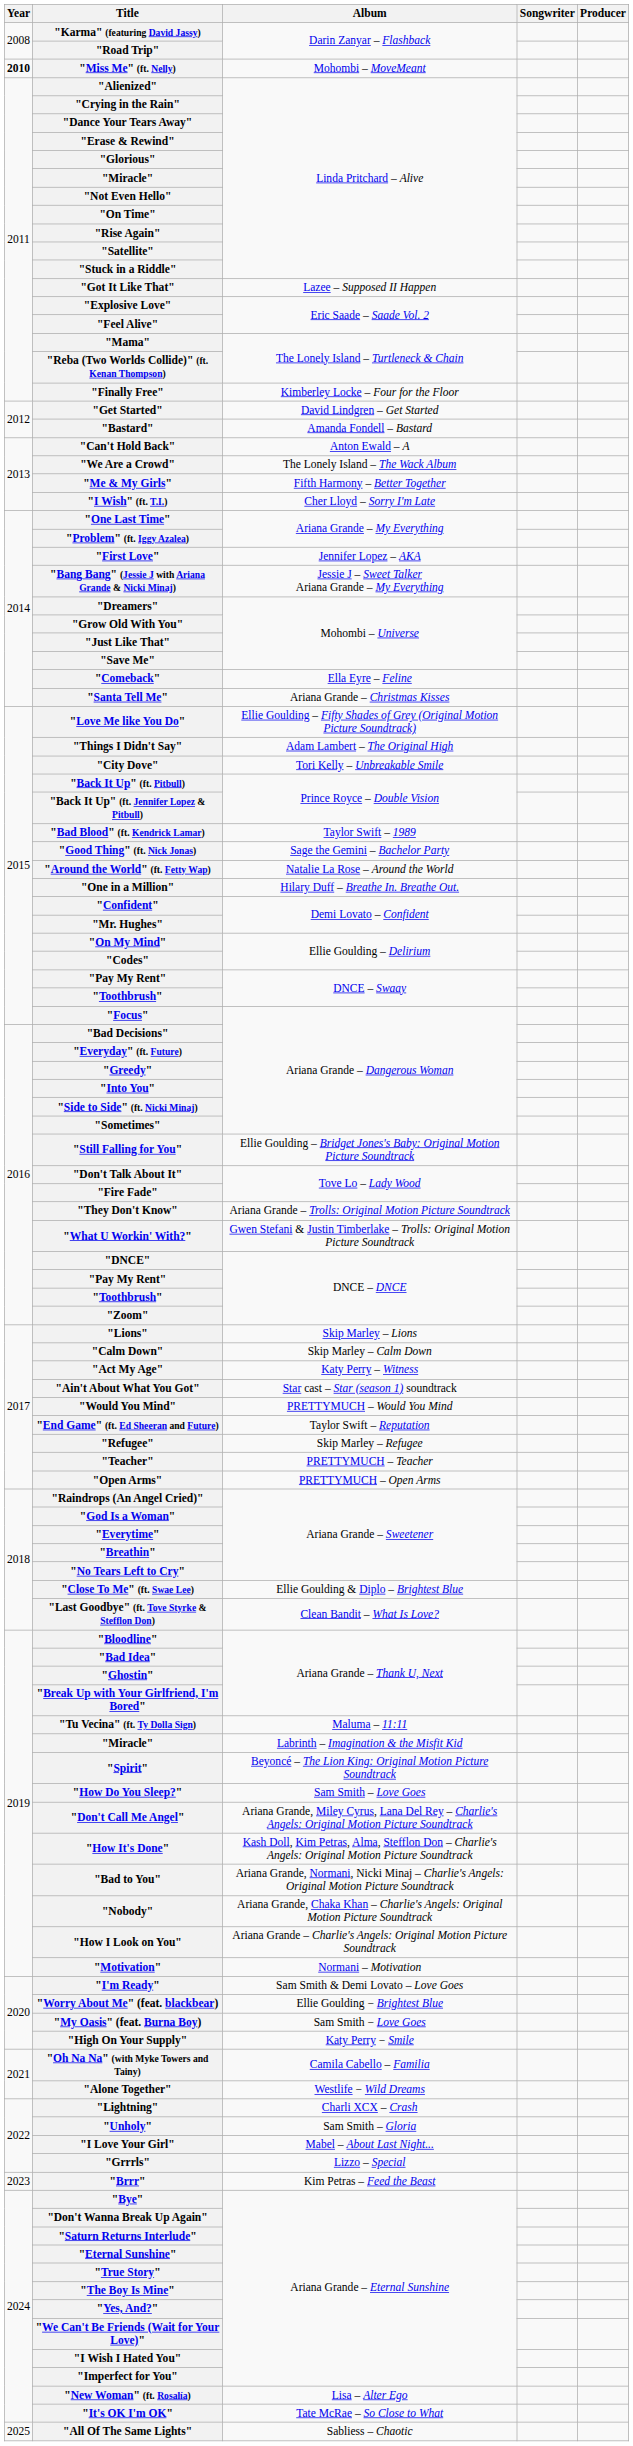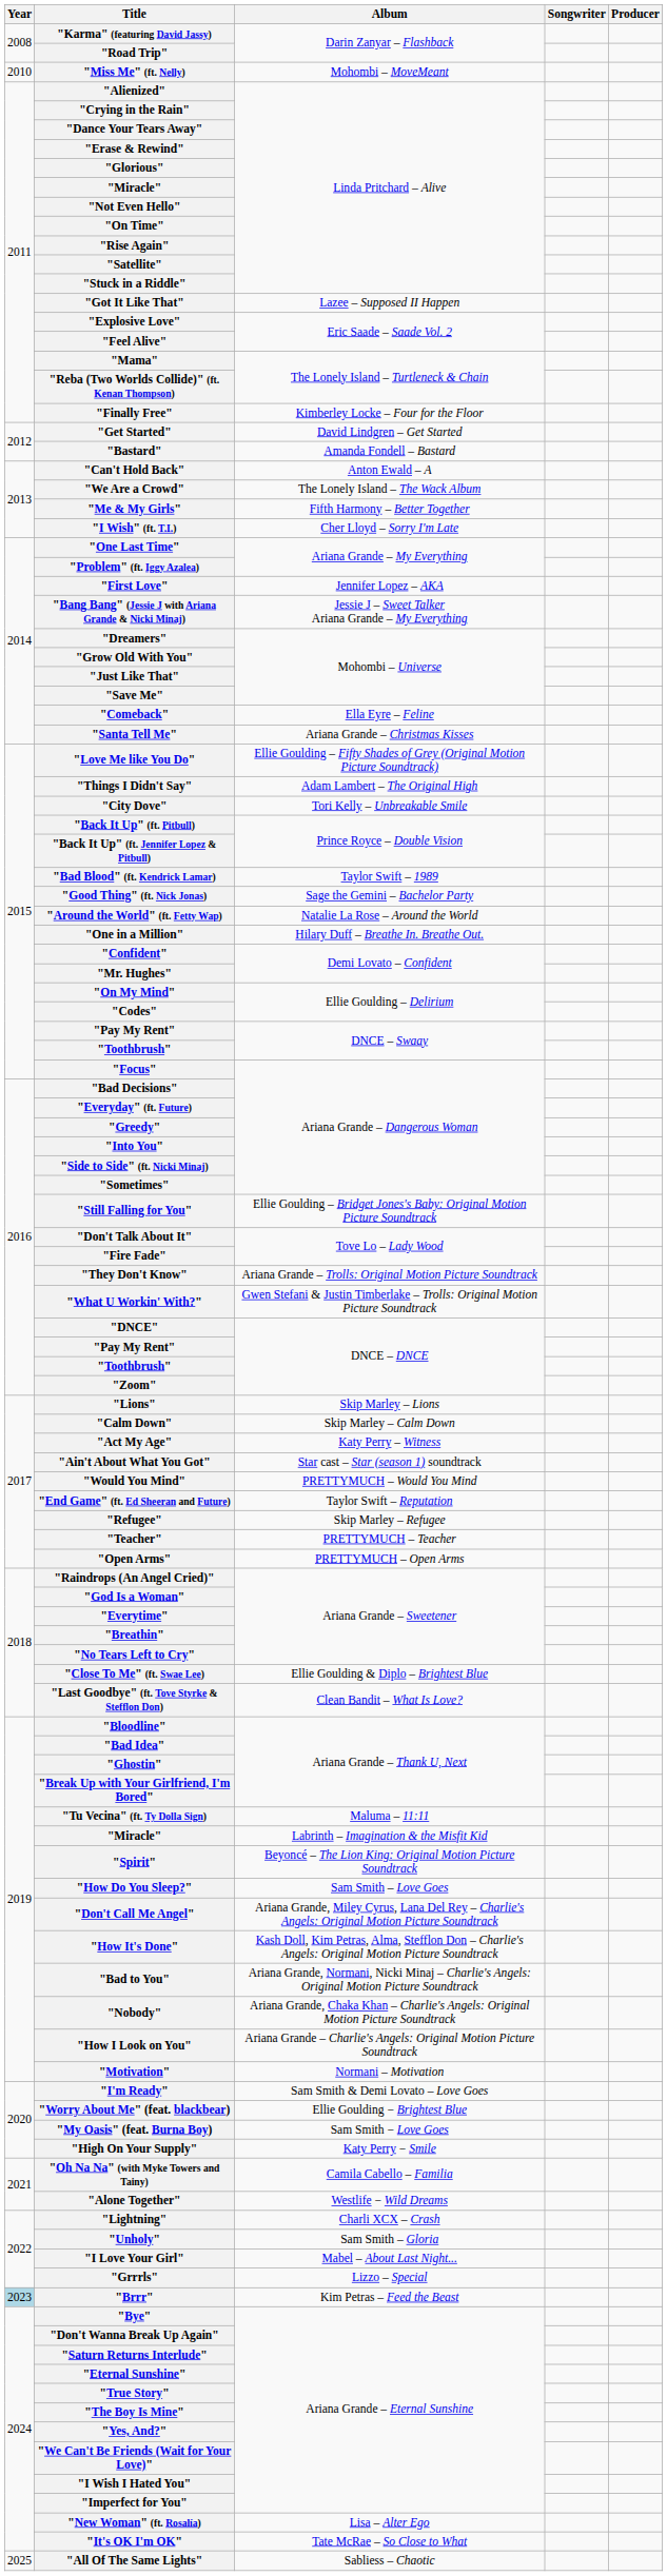 <table class="wikitable sortable plainrowheaders" style="text-align:center;">
 <tr>
 <th scope="col">Year</th>
 <th scope="col" style="width:16em;">Title</th>
 <th scope="col">Album</th>
 <th scope="col">Songwriter</th>
 <th scope="col">Producer</th>
 </tr>
 <tr>
 <td rowspan="2">2008</td>
 <th scope="row">"Karma" <small>(featuring <a href='#'>David Jassy</a>)</small></th>
 <td rowspan="2"><a href='#'>Darin Zanyar</a> – <em><a href='#'>Flashback</a></em></td>
 <td></td>
 <td></td>
 </tr>
 <tr>
 <th scope="row">"Road Trip"</th>
 <td></td>
 <td></td>
 </tr>
 <tr>
-<td><strong>2010</strong></td>
+<td>2010</td>
 <th scope="row">"<a href='#'>Miss Me</a>" <small>(ft. <a href='#'>Nelly</a>)</small></th>
 <td><a href='#'>Mohombi</a> – <em><a href='#'>MoveMeant</a></em></td>
 <td></td>
 <td></td>
 </tr>
 <tr>
 <td rowspan="17">2011</td>
 <th scope="row">"Alienized"</th>
 <td rowspan="11"><a href='#'>Linda Pritchard</a> – <em>Alive</em></td>
 <td></td>
 <td></td>
 </tr>
 <tr>
 <th scope="row">"Crying in the Rain"</th>
 <td></td>
 <td></td>
 </tr>
 <tr>
 <th scope="row">"Dance Your Tears Away"</th>
 <td></td>
 <td></td>
 </tr>
 <tr>
 <th scope="row">"Erase & Rewind"</th>
 <td></td>
 <td></td>
 </tr>
 <tr>
 <th scope="row">"Glorious"</th>
 <td></td>
 <td></td>
 </tr>
 <tr>
 <th scope="row">"Miracle"</th>
 <td></td>
 <td></td>
 </tr>
 <tr>
 <th scope="row">"Not Even Hello"</th>
 <td></td>
 <td></td>
 </tr>
 <tr>
 <th scope="row">"On Time"</th>
 <td></td>
 <td></td>
 </tr>
 <tr>
 <th scope="row">"Rise Again"</th>
 <td></td>
 <td></td>
 </tr>
 <tr>
 <th scope="row">"Satellite"</th>
 <td></td>
 <td></td>
 </tr>
 <tr>
 <th scope="row">"Stuck in a Riddle"</th>
 <td></td>
 <td></td>
 </tr>
 <tr>
 <th scope="row">"Got It Like That"</th>
 <td><a href='#'>Lazee</a> – <em>Supposed II Happen</em></td>
 <td></td>
 <td></td>
 </tr>
 <tr>
 <th scope="row">"Explosive Love"</th>
 <td rowspan="2"><a href='#'>Eric Saade</a> – <em><a href='#'>Saade Vol. 2</a></em></td>
 <td></td>
 <td></td>
 </tr>
 <tr>
 <th scope="row">"Feel Alive"</th>
 <td></td>
 <td></td>
 </tr>
 <tr>
 <th scope="row">"Mama"</th>
 <td rowspan="2"><a href='#'>The Lonely Island</a> – <em><a href='#'>Turtleneck & Chain</a></em></td>
 <td></td>
 <td></td>
 </tr>
 <tr>
 <th scope="row">"Reba (Two Worlds Collide)" <small>(ft. <a href='#'>Kenan Thompson</a>)</small></th>
 <td></td>
 <td></td>
 </tr>
 <tr>
 <th scope="row">"Finally Free"</th>
 <td><a href='#'>Kimberley Locke</a> – <em>Four for the Floor</em></td>
 <td></td>
 <td></td>
 </tr>
 <tr>
 <td rowspan="2">2012</td>
 <th scope="row">"Get Started"</th>
 <td><a href='#'>David Lindgren</a> – <em>Get Started</em></td>
 <td></td>
 <td></td>
 </tr>
 <tr>
 <th scope="row">"Bastard"</th>
 <td><a href='#'>Amanda Fondell</a> – <em>Bastard</em></td>
 <td></td>
 <td></td>
 </tr>
 <tr>
 <td rowspan="4">2013</td>
 <th scope="row">"Can't Hold Back"</th>
 <td><a href='#'>Anton Ewald</a> – <em>A</em></td>
 <td></td>
 <td></td>
 </tr>
 <tr>
 <th scope="row">"We Are a Crowd"</th>
 <td>The Lonely Island – <em><a href='#'>The Wack Album</a></em></td>
 <td></td>
 <td></td>
 </tr>
 <tr>
 <th scope="row">"<a href='#'>Me & My Girls</a>"</th>
 <td><a href='#'>Fifth Harmony</a> – <em><a href='#'>Better Together</a></em></td>
 <td></td>
 <td></td>
 </tr>
 <tr>
 <th scope="row">"<a href='#'>I Wish</a>" <small>(ft. <a href='#'>T.I.</a>)</small></th>
 <td><a href='#'>Cher Lloyd</a> – <em><a href='#'>Sorry I'm Late</a></em></td>
 <td></td>
 <td></td>
 </tr>
 <tr>
 <td rowspan="10">2014</td>
 <th scope="row">"<a href='#'>One Last Time</a>"</th>
 <td rowspan="2"><a href='#'>Ariana Grande</a> – <em><a href='#'>My Everything</a></em></td>
 <td></td>
 <td></td>
 </tr>
 <tr>
 <th scope="row">"<a href='#'>Problem</a>" <small>(ft. <a href='#'>Iggy Azalea</a>)</small></th>
 <td></td>
 <td></td>
 </tr>
 <tr>
 <th scope="row">"<a href='#'>First Love</a>"</th>
 <td><a href='#'>Jennifer Lopez</a> – <em><a href='#'>AKA</a></em></td>
 <td></td>
 <td></td>
 </tr>
 <tr>
 <th scope="row">"<a href='#'>Bang Bang</a>" <small>(<a href='#'>Jessie J</a> with <a href='#'>Ariana Grande</a> & <a href='#'>Nicki Minaj</a>)</small></th>
 <td><a href='#'>Jessie J</a> – <em><a href='#'>Sweet Talker</a></em><br>Ariana Grande – <em><a href='#'>My Everything</a></em></td>
 <td></td>
 <td></td>
 </tr>
 <tr>
 <th scope="row">"Dreamers"</th>
 <td rowspan="4">Mohombi – <em><a href='#'>Universe</a></em></td>
 <td></td>
 <td></td>
 </tr>
 <tr>
 <th scope="row">"Grow Old With You"</th>
 <td></td>
 <td></td>
 </tr>
 <tr>
 <th scope="row">"Just Like That"</th>
 <td></td>
 <td></td>
 </tr>
 <tr>
 <th scope="row">"Save Me"</th>
 <td></td>
 <td></td>
 </tr>
 <tr>
 <th scope="row">"<a href='#'>Comeback</a>"</th>
 <td><a href='#'>Ella Eyre</a> – <em><a href='#'>Feline</a></em></td>
 <td></td>
 <td></td>
 </tr>
 <tr>
 <th scope="row">"<a href='#'>Santa Tell Me</a>"</th>
 <td>Ariana Grande – <em><a href='#'>Christmas Kisses</a></em></td>
 <td></td>
 <td></td>
 </tr>
 <tr>
 <td rowspan="16">2015</td>
 <th scope="row">"<a href='#'>Love Me like You Do</a>"</th>
 <td><a href='#'>Ellie Goulding</a> – <em><a href='#'>Fifty Shades of Grey (Original Motion Picture Soundtrack)</a></em></td>
 <td></td>
 <td></td>
 </tr>
 <tr>
 <th scope="row">"Things I Didn't Say"</th>
 <td><a href='#'>Adam Lambert</a> – <em><a href='#'>The Original High</a></em></td>
 <td></td>
 <td></td>
 </tr>
 <tr>
 <th scope="row">"City Dove"</th>
 <td><a href='#'>Tori Kelly</a> – <em><a href='#'>Unbreakable Smile</a></em></td>
 <td></td>
 <td></td>
 </tr>
 <tr>
 <th scope="row">"<a href='#'>Back It Up</a>" <small>(ft. <a href='#'>Pitbull</a>)</small></th>
 <td rowspan="2"><a href='#'>Prince Royce</a> – <em><a href='#'>Double Vision</a></em></td>
 <td></td>
 <td></td>
 </tr>
 <tr>
 <th scope="row">"Back It Up" <small>(ft. <a href='#'>Jennifer Lopez</a> & <a href='#'>Pitbull</a>)</small></th>
 <td></td>
 <td></td>
 </tr>
 <tr>
 <th scope="row">"<a href='#'>Bad Blood</a>" <small>(ft. <a href='#'>Kendrick Lamar</a>)</small></th>
 <td><a href='#'>Taylor Swift</a> – <em><a href='#'>1989</a></em></td>
 <td></td>
 <td></td>
 </tr>
 <tr>
 <th scope="row">"<a href='#'>Good Thing</a>" <small>(ft. <a href='#'>Nick Jonas</a>)</small></th>
 <td><a href='#'>Sage the Gemini</a> – <em><a href='#'>Bachelor Party</a></em></td>
 <td></td>
 <td></td>
 </tr>
 <tr>
 <th scope="row">"<a href='#'>Around the World</a>" <small>(ft. <a href='#'>Fetty Wap</a>)</small></th>
 <td><a href='#'>Natalie La Rose</a> – <em>Around the World</em></td>
 <td></td>
 <td></td>
 </tr>
 <tr>
 <th scope="row">"One in a Million"</th>
 <td><a href='#'>Hilary Duff</a> – <em><a href='#'>Breathe In. Breathe Out.</a></em></td>
 <td></td>
 <td></td>
 </tr>
 <tr>
 <th scope="row">"<a href='#'>Confident</a>"</th>
 <td rowspan="2"><a href='#'>Demi Lovato</a> – <em><a href='#'>Confident</a></em></td>
 <td></td>
 <td></td>
 </tr>
 <tr>
 <th scope="row">"Mr. Hughes"</th>
 <td></td>
 <td></td>
 </tr>
 <tr>
 <th scope="row">"<a href='#'>On My Mind</a>"</th>
 <td rowspan="2">Ellie Goulding – <em><a href='#'>Delirium</a></em></td>
 <td></td>
 <td></td>
 </tr>
 <tr>
 <th scope="row">"Codes"</th>
 <td></td>
 <td></td>
 </tr>
 <tr>
 <th scope="row">"Pay My Rent"</th>
 <td rowspan="2"><a href='#'>DNCE</a> – <em><a href='#'>Swaay</a></em></td>
 <td></td>
 <td></td>
 </tr>
 <tr>
 <th scope="row">"<a href='#'>Toothbrush</a>"</th>
 <td></td>
 <td></td>
 </tr>
 <tr>
 <th scope="row">"<a href='#'>Focus</a>"</th>
 <td rowspan="7">Ariana Grande – <em><a href='#'>Dangerous Woman</a></em></td>
 <td></td>
 <td></td>
 </tr>
 <tr>
 <td rowspan="15">2016</td>
 <th scope="row">"Bad Decisions"</th>
 <td></td>
 <td></td>
 </tr>
 <tr>
 <th scope="row">"<a href='#'>Everyday</a>" <small>(ft. <a href='#'>Future</a>)</small></th>
 <td></td>
 <td></td>
 </tr>
 <tr>
 <th scope="row">"<a href='#'>Greedy</a>"</th>
 <td></td>
 <td></td>
 </tr>
 <tr>
 <th scope="row">"<a href='#'>Into You</a>"</th>
 <td></td>
 <td></td>
 </tr>
 <tr>
 <th scope="row">"<a href='#'>Side to Side</a>" <small>(ft. <a href='#'>Nicki Minaj</a>)</small></th>
 <td></td>
 <td></td>
 </tr>
 <tr>
 <th scope="row">"Sometimes"</th>
 <td></td>
 <td></td>
 </tr>
 <tr>
 <th scope="row">"<a href='#'>Still Falling for You</a>"</th>
 <td>Ellie Goulding – <em><a href='#'>Bridget Jones's Baby: Original Motion Picture Soundtrack</a></em></td>
 <td></td>
 <td></td>
 </tr>
 <tr>
 <th scope="row">"Don't Talk About It"</th>
 <td rowspan="2"><a href='#'>Tove Lo</a> – <em><a href='#'>Lady Wood</a></em></td>
 <td></td>
 <td></td>
 </tr>
 <tr>
 <th scope="row">"Fire Fade"</th>
 <td></td>
 <td></td>
 </tr>
 <tr>
 <th scope="row">"They Don't Know"</th>
 <td>Ariana Grande – <em><a href='#'>Trolls: Original Motion Picture Soundtrack</a></em></td>
 <td></td>
 <td></td>
 </tr>
 <tr>
 <th scope="row">"<a href='#'>What U Workin' With?</a>"</th>
 <td><a href='#'>Gwen Stefani</a> & <a href='#'>Justin Timberlake</a> – <em>Trolls: Original Motion Picture Soundtrack</em></td>
 <td></td>
 <td></td>
 </tr>
 <tr>
 <th scope="row">"DNCE"</th>
 <td rowspan="4">DNCE – <em><a href='#'>DNCE</a></em></td>
 <td></td>
 <td></td>
 </tr>
 <tr>
 <th scope="row">"Pay My Rent"</th>
 <td></td>
 <td></td>
 </tr>
 <tr>
 <th scope="row">"<a href='#'>Toothbrush</a>"</th>
 <td></td>
 <td></td>
 </tr>
 <tr>
 <th scope="row">"Zoom"</th>
 <td></td>
 <td></td>
 </tr>
 <tr>
 <td rowspan="9">2017</td>
 <th scope="row">"Lions"</th>
 <td><a href='#'>Skip Marley</a> – <em>Lions</em></td>
 <td></td>
 <td></td>
 </tr>
 <tr>
 <th scope="row">"Calm Down"</th>
 <td>Skip Marley – <em>Calm Down</em></td>
 <td></td>
 <td></td>
 </tr>
 <tr>
 <th scope="row">"Act My Age"</th>
 <td><a href='#'>Katy Perry</a> – <em><a href='#'>Witness</a></em></td>
 <td></td>
 <td></td>
 </tr>
 <tr>
 <th scope="row">"Ain't About What You Got"</th>
 <td><a href='#'>Star</a> cast – <em><a href='#'>Star (season 1)</a></em> soundtrack</td>
 <td></td>
 <td></td>
 </tr>
 <tr>
 <th scope="row">"Would You Mind"</th>
 <td><a href='#'>PRETTYMUCH</a> – <em>Would You Mind</em></td>
 <td></td>
 <td></td>
 </tr>
 <tr>
 <th scope="row">"<a href='#'>End Game</a>" <small>(ft. <a href='#'>Ed Sheeran</a> and <a href='#'>Future</a>)</small></th>
 <td>Taylor Swift – <em><a href='#'>Reputation</a></em></td>
 <td></td>
 <td></td>
 </tr>
 <tr>
 <th scope="row">"Refugee"</th>
 <td>Skip Marley – <em>Refugee</em></td>
 <td></td>
 <td></td>
 </tr>
 <tr>
 <th scope="row">"Teacher"</th>
 <td><a href='#'>PRETTYMUCH</a> – <em>Teacher</em></td>
 <td></td>
 <td></td>
 </tr>
 <tr>
 <th scope="row">"Open Arms"</th>
 <td><a href='#'>PRETTYMUCH</a> – <em>Open Arms</em></td>
 <td></td>
 <td></td>
 </tr>
 <tr>
 <td rowspan="7">2018</td>
 <th scope="row">"Raindrops (An Angel Cried)"</th>
 <td rowspan="5">Ariana Grande – <em><a href='#'>Sweetener</a></em></td>
 <td></td>
 <td></td>
 </tr>
 <tr>
 <th scope="row">"<a href='#'>God Is a Woman</a>"</th>
 <td></td>
 <td></td>
 </tr>
 <tr>
 <th scope="row">"<a href='#'>Everytime</a>"</th>
 <td></td>
 <td></td>
 </tr>
 <tr>
 <th scope="row">"<a href='#'>Breathin</a>"</th>
 <td></td>
 <td></td>
 </tr>
 <tr>
 <th scope="row">"<a href='#'>No Tears Left to Cry</a>"</th>
 <td></td>
 <td></td>
 </tr>
 <tr>
 <th scope="row">"<a href='#'>Close To Me</a>" <small>(ft. <a href='#'>Swae Lee</a>)</small></th>
 <td>Ellie Goulding & <a href='#'>Diplo</a> – <em><a href='#'>Brightest Blue</a></em></td>
 <td></td>
 <td></td>
 </tr>
 <tr>
 <th scope="row">"Last Goodbye" <small>(ft. <a href='#'>Tove Styrke</a> & <a href='#'>Stefflon Don</a>)</small></th>
 <td><a href='#'>Clean Bandit</a> – <em><a href='#'>What Is Love?</a></em></td>
 <td></td>
 <td></td>
 </tr>
 <tr>
 <td rowspan="14">2019</td>
 <th scope="row">"<a href='#'>Bloodline</a>"</th>
 <td rowspan="4">Ariana Grande – <em><a href='#'>Thank U, Next</a></em></td>
 <td></td>
 <td></td>
 </tr>
 <tr>
 <th scope="row">"<a href='#'>Bad Idea</a>"</th>
 <td></td>
 <td></td>
 </tr>
 <tr>
 <th scope="row">"<a href='#'>Ghostin</a>"</th>
 <td></td>
 <td></td>
 </tr>
 <tr>
 <th scope="row">"<a href='#'>Break Up with Your Girlfriend, I'm Bored</a>"</th>
 <td></td>
 <td></td>
 </tr>
 <tr>
 <th scope="row">"Tu Vecina" <small>(ft. <a href='#'>Ty Dolla Sign</a>)</small></th>
 <td><a href='#'>Maluma</a> – <em><a href='#'>11:11</a></em></td>
 <td></td>
 <td></td>
 </tr>
 <tr>
 <th scope="row">"Miracle"</th>
 <td><a href='#'>Labrinth</a> – <em><a href='#'>Imagination & the Misfit Kid</a></em></td>
 <td></td>
 <td></td>
 </tr>
 <tr>
 <th scope="row">"<a href='#'>Spirit</a>"</th>
 <td><a href='#'>Beyoncé</a> – <em><a href='#'>The Lion King: Original Motion Picture Soundtrack</a></em></td>
 <td></td>
 <td></td>
 </tr>
 <tr>
 <th scope="row">"<a href='#'>How Do You Sleep?</a>"</th>
 <td><a href='#'>Sam Smith</a> – <em><a href='#'>Love Goes</a></em></td>
 <td></td>
 <td></td>
 </tr>
 <tr>
 <th scope="row">"<a href='#'>Don't Call Me Angel</a>"</th>
 <td>Ariana Grande, <a href='#'>Miley Cyrus</a>, <a href='#'>Lana Del Rey</a> –  <em><a href='#'>Charlie's Angels: Original Motion Picture Soundtrack</a></em></td>
 <td></td>
 <td></td>
 </tr>
 <tr>
 <th scope="row">"<a href='#'>How It's Done</a>"</th>
 <td><a href='#'>Kash Doll</a>, <a href='#'>Kim Petras</a>, <a href='#'>Alma</a>, <a href='#'>Stefflon Don</a> – <em>Charlie's Angels: Original Motion Picture Soundtrack</em></td>
 <td></td>
 <td></td>
 </tr>
 <tr>
 <th scope="row">"Bad to You"</th>
 <td>Ariana Grande, <a href='#'>Normani</a>, Nicki Minaj – <em>Charlie's Angels: Original Motion Picture Soundtrack</em></td>
 <td></td>
 <td></td>
 </tr>
 <tr>
 <th scope="row">"Nobody"</th>
 <td>Ariana Grande, <a href='#'>Chaka Khan</a> – <em>Charlie's Angels: Original Motion Picture Soundtrack</em></td>
 <td></td>
 <td></td>
 </tr>
 <tr>
 <th scope="row">"How I Look on You"</th>
 <td>Ariana Grande – <em>Charlie's Angels: Original Motion Picture Soundtrack</em></td>
 <td></td>
 <td></td>
 </tr>
 <tr>
 <th scope="row">"<a href='#'>Motivation</a>"</th>
 <td><a href='#'>Normani</a> – <em>Motivation</em></td>
 <td></td>
 <td></td>
 </tr>
 <tr>
 <td rowspan="4">2020</td>
 <th scope="row">"<a href='#'>I'm Ready</a>"</th>
 <td>Sam Smith & Demi Lovato – <em>Love Goes</em></td>
 <td align="center"></td>
 <td align="center"></td>
 </tr>
 <tr>
 <th scope="row">"<a href='#'>Worry About Me</a>" (feat. <a href='#'>blackbear</a>)</th>
 <td>Ellie Goulding − <em><a href='#'>Brightest Blue</a></em></td>
 <td></td>
 <td></td>
 </tr>
 <tr>
 <th scope="row">"<a href='#'>My Oasis</a>" (feat. <a href='#'>Burna Boy</a>)</th>
 <td>Sam Smith − <em><a href='#'>Love Goes</a></em></td>
 <td></td>
 <td></td>
 </tr>
 <tr>
 <th scope="row">"High On Your Supply"</th>
 <td><a href='#'>Katy Perry</a> − <em><a href='#'>Smile</a></em></td>
 <td></td>
 <td></td>
 </tr>
 <tr>
 <td rowspan="2">2021</td>
 <th scope="row">"<a href='#'>Oh Na Na</a>" <small>(with Myke Towers and Tainy)</small></th>
 <td><a href='#'>Camila Cabello</a> – <em><a href='#'>Familia</a></em></td>
 <td></td>
 <td></td>
 </tr>
 <tr>
 <th scope="row">"Alone Together"</th>
 <td><a href='#'>Westlife</a> − <em><a href='#'>Wild Dreams</a></em></td>
 <td></td>
 <td></td>
 </tr>
 <tr>
 <td rowspan="4">2022</td>
 <th scope="row">"Lightning" <small></small></th>
 <td><a href='#'>Charli XCX</a> – <em><a href='#'>Crash</a></em></td>
 <td></td>
 <td></td>
 </tr>
 <tr>
 <th scope="row">"<a href='#'>Unholy</a>"</th>
 <td><small></small>Sam Smith – <em><a href='#'>Gloria</a></em></td>
 <td></td>
 <td></td>
 </tr>
 <tr>
 <th scope="row">"I Love Your Girl"</th>
 <td><a href='#'>Mabel</a> – <em><a href='#'>About Last Night...</a></em></td>
 <td></td>
 <td></td>
 </tr>
 <tr>
 <th scope="row">"Grrrls"</th>
 <td><small></small><a href='#'>Lizzo</a> – <em><a href='#'>Special</a></em></td>
 <td></td>
 <td></td>
 </tr>
 <tr>
-<td>2023</td>
+<td style="background: lightblue;">2023</td>
 <th scope="row">"<a href='#'>Brrr</a>"</th>
 <td><small></small> Kim Petras – <em><a href='#'>Feed the Beast</a></em></td>
 <td></td>
 <td></td>
 </tr>
 <tr>
 <td rowspan="12">2024</td>
 <th scope="row">"<a href='#'>Bye</a>"</th>
 <td rowspan="10"><small></small> Ariana Grande – <em><a href='#'>Eternal Sunshine</a></em></td>
 <td></td>
 <td></td>
 </tr>
 <tr>
 <th scope="row">"Don't Wanna Break Up Again"</th>
 <td></td>
 <td></td>
 </tr>
 <tr>
 <th scope="row">"<a href='#'>Saturn Returns Interlude</a>"</th>
 <td></td>
 <td></td>
 </tr>
 <tr>
 <th scope="row">"<a href='#'>Eternal Sunshine</a>"</th>
 <td></td>
 <td></td>
 </tr>
 <tr>
 <th scope="row">"<a href='#'>True Story</a>"</th>
 <td></td>
 <td></td>
 </tr>
 <tr>
 <th scope="row">"<a href='#'>The Boy Is Mine</a>"</th>
 <td></td>
 <td></td>
 </tr>
 <tr>
 <th scope="row">"<a href='#'>Yes, And?</a>"</th>
 <td></td>
 <td></td>
 </tr>
 <tr>
 <th scope="row">"<a href='#'>We Can't Be Friends (Wait for Your Love)</a>"</th>
 <td></td>
 <td></td>
 </tr>
 <tr>
 <th scope="row">"I Wish I Hated You"</th>
 <td></td>
 <td></td>
 </tr>
 <tr>
 <th scope="row">"Imperfect for You"</th>
 <td></td>
 <td></td>
 </tr>
 <tr>
 <th scope="row">"<a href='#'>New Woman</a>" <small>(ft. <a href='#'>Rosalía</a>)</small></th>
 <td><a href='#'>Lisa</a> – <em><a href='#'>Alter Ego</a></em></td>
 <td></td>
 <td></td>
 </tr>
 <tr>
 <th scope="row">"<a href='#'>It's OK I'm OK</a>"</th>
 <td><a href='#'>Tate McRae</a> – <em><a href='#'>So Close to What</a></em></td>
 <td></td>
 <td></td>
 </tr>
 <tr>
 <td>2025</td>
 <th scope="row">"All Of The Same Lights"</th>
 <td>Sabliess – <em>Chaotic</em></td>
 <td></td>
 <td></td>
 </tr>
 </table>
